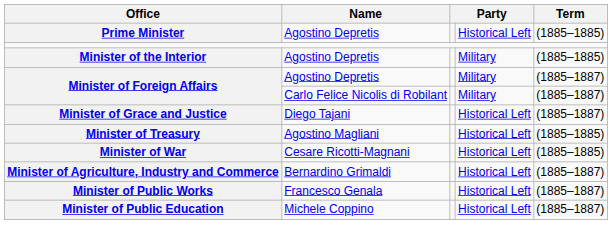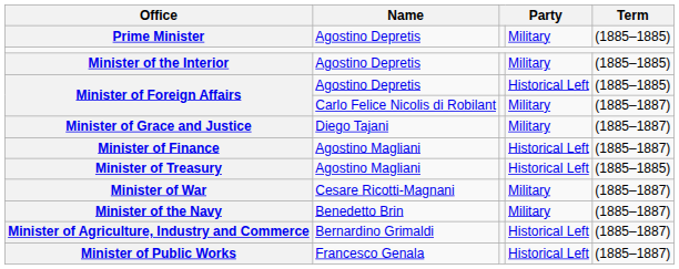 <table class="wikitable" style="font-size: 100%;">
 <tr>
 <th>Office</th>
 <th>Name</th>
 <th colspan=2>Party</th>
 <th>Term</th>
 </tr>
 <tr>
 <th><a href='#'>Prime Minister</a></th>
 <td><a href='#'>Agostino Depretis</a></td>
 <td style="color:inherit;background:"></td>
-<td><a href='#'>Historical Left</a></td>
+<td><a href='#'>Military</a></td>
 <td>(1885–1885)</td>
 </tr>
 <tr>
 <td colspan=5></td>
 </tr>
 <tr>
 <th><a href='#'>Minister of the Interior</a></th>
 <td><a href='#'>Agostino Depretis</a></td>
 <td style="color:inherit;background:"></td>
 <td><a href='#'>Military</a></td>
 <td>(1885–1885)</td>
 </tr>
 <tr>
 <th rowspan=2><a href='#'>Minister of Foreign Affairs</a></th>
 <td><a href='#'>Agostino Depretis</a></td>
 <td style="color:inherit;background:"></td>
-<td><a href='#'>Military</a></td>
-<td>(1885–1887)</td>
+<td><a href='#'>Historical Left</a></td>
+<td>(1885–1885)</td>
 </tr>
 <tr>
 <td><a href='#'>Carlo Felice Nicolis di Robilant</a></td>
 <td style="color:inherit;background:"></td>
 <td><a href='#'>Military</a></td>
 <td>(1885–1887)</td>
 </tr>
 <tr>
 <th><a href='#'>Minister of Grace and Justice</a></th>
 <td><a href='#'>Diego Tajani</a></td>
+<td style="color:inherit;background:"></td>
+<td><a href='#'>Military</a></td>
+<td>(1885–1887)</td>
+</tr>
+<tr>
+<th><a href='#'>Minister of Finance</a></th>
+<td><a href='#'>Agostino Magliani</a></td>
 <td style="color:inherit;background:"></td>
 <td><a href='#'>Historical Left</a></td>
 <td>(1885–1887)</td>
 </tr>
 <tr>
 <th><a href='#'>Minister of Treasury</a></th>
 <td><a href='#'>Agostino Magliani</a></td>
 <td style="color:inherit;background:"></td>
 <td><a href='#'>Historical Left</a></td>
 <td>(1885–1885)</td>
 </tr>
 <tr>
 <th><a href='#'>Minister of War</a></th>
 <td><a href='#'>Cesare Ricotti-Magnani</a></td>
 <td style="color:inherit;background:"></td>
-<td><a href='#'>Historical Left</a></td>
-<td>(1885–1885)</td>
+<td><a href='#'>Military</a></td>
+<td>(1885–1887)</td>
+</tr>
+<tr>
+<th><a href='#'>Minister of the Navy</a></th>
+<td><a href='#'>Benedetto Brin</a></td>
+<td style="color:inherit;background:"></td>
+<td><a href='#'>Military</a></td>
+<td>(1885–1887)</td>
 </tr>
 <tr>
 <th><a href='#'>Minister of Agriculture, Industry and Commerce</a></th>
 <td><a href='#'>Bernardino Grimaldi</a></td>
 <td style="color:inherit;background:"></td>
 <td><a href='#'>Historical Left</a></td>
 <td>(1885–1887)</td>
 </tr>
 <tr>
 <th><a href='#'>Minister of Public Works</a></th>
 <td><a href='#'>Francesco Genala</a></td>
 <td style="color:inherit;background:"></td>
 <td><a href='#'>Historical Left</a></td>
 <td>(1885–1887)</td>
 </tr>
-<tr>
-<th><a href='#'>Minister of Public Education</a></th>
-<td><a href='#'>Michele Coppino</a></td>
-<td style="color:inherit;background:"></td>
-<td><a href='#'>Historical Left</a></td>
-<td>(1885–1887)</td>
-</tr>
 </table>
